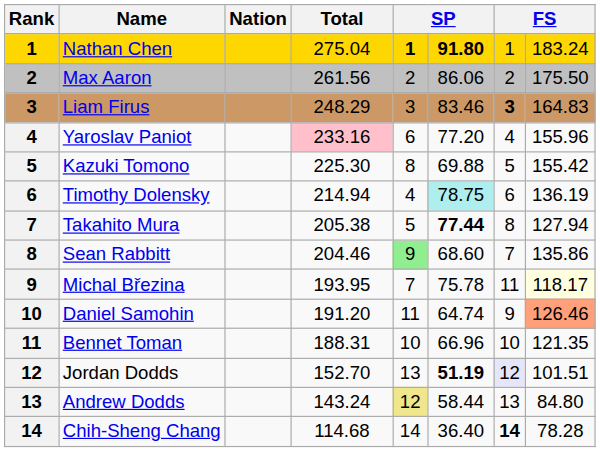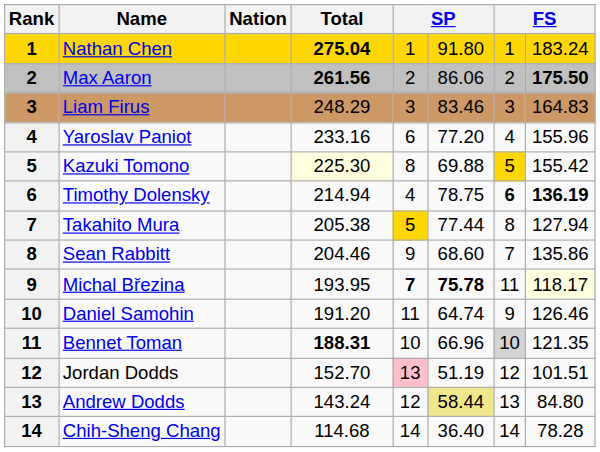 <table class="wikitable sortable">
 <tr>
 <th>Rank</th>
 <th>Name</th>
 <th>Nation</th>
 <th width="80px">Total</th>
 <th colspan="2" width="80px"><a href='#'>SP</a></th>
 <th colspan="2" width="80px"><a href='#'>FS</a></th>
 </tr>
 <tr bgcolor="gold">
 <td align="center"><strong>1</strong></td>
 <td><a href='#'>Nathan Chen</a></td>
 <td></td>
-<td align="center">275.04</td>
-<td align="center"><strong>1</strong></td>
-<td align="center"><strong>91.80</strong></td>
+<td align="center"><strong>275.04</strong></td>
+<td align="center">1</td>
+<td align="center">91.80</td>
 <td align="center">1</td>
 <td align="center">183.24</td>
 </tr>
 <tr bgcolor="silver">
 <td align="center"><strong>2</strong></td>
 <td><a href='#'>Max Aaron</a></td>
 <td></td>
-<td align="center">261.56</td>
+<td align="center"><strong>261.56</strong></td>
 <td align="center">2</td>
 <td align="center">86.06</td>
 <td align="center">2</td>
-<td align="center">175.50</td>
+<td align="center"><strong>175.50</strong></td>
 </tr>
 <tr bgcolor="cc9966">
 <td align="center"><strong>3</strong></td>
 <td><a href='#'>Liam Firus</a></td>
 <td></td>
 <td align="center">248.29</td>
 <td align="center">3</td>
 <td align="center">83.46</td>
-<td align="center"><strong>3</strong></td>
+<td align="center">3</td>
 <td align="center">164.83</td>
 </tr>
 <tr>
 <th>4</th>
 <td><a href='#'>Yaroslav Paniot</a></td>
 <td></td>
-<td align="center" style="background: pink;">233.16</td>
+<td align="center">233.16</td>
 <td align="center">6</td>
 <td align="center">77.20</td>
 <td align="center">4</td>
 <td align="center">155.96</td>
 </tr>
 <tr>
 <th>5</th>
 <td><a href='#'>Kazuki Tomono</a></td>
 <td></td>
-<td align="center">225.30</td>
+<td align="center" style="background: lightyellow;">225.30</td>
 <td align="center">8</td>
 <td align="center">69.88</td>
-<td align="center">5</td>
+<td align="center" style="background: gold;">5</td>
 <td align="center">155.42</td>
 </tr>
 <tr>
 <th>6</th>
 <td><a href='#'>Timothy Dolensky</a></td>
 <td></td>
 <td align="center">214.94</td>
 <td align="center">4</td>
-<td align="center" style="background: paleturquoise;">78.75</td>
-<td align="center">6</td>
-<td align="center">136.19</td>
+<td align="center">78.75</td>
+<td align="center"><strong>6</strong></td>
+<td align="center"><strong>136.19</strong></td>
 </tr>
 <tr>
 <th>7</th>
 <td><a href='#'>Takahito Mura</a></td>
 <td></td>
 <td align="center">205.38</td>
-<td align="center">5</td>
-<td align="center"><strong>77.44</strong></td>
+<td align="center" style="background: gold;">5</td>
+<td align="center">77.44</td>
 <td align="center">8</td>
 <td align="center">127.94</td>
 </tr>
 <tr>
 <th>8</th>
 <td><a href='#'>Sean Rabbitt</a></td>
 <td></td>
 <td align="center">204.46</td>
-<td align="center" style="background: lightgreen;">9</td>
+<td align="center">9</td>
 <td align="center">68.60</td>
 <td align="center">7</td>
 <td align="center">135.86</td>
 </tr>
 <tr>
 <th>9</th>
 <td><a href='#'>Michal Březina</a></td>
 <td></td>
 <td align="center">193.95</td>
-<td align="center">7</td>
-<td align="center">75.78</td>
+<td align="center"><strong>7</strong></td>
+<td align="center"><strong>75.78</strong></td>
 <td align="center">11</td>
 <td align="center" style="background: lightyellow;">118.17</td>
 </tr>
 <tr>
 <th>10</th>
 <td><a href='#'>Daniel Samohin</a></td>
 <td></td>
 <td align="center">191.20</td>
 <td align="center">11</td>
 <td align="center">64.74</td>
 <td align="center">9</td>
-<td align="center" style="background: lightsalmon;">126.46</td>
+<td align="center">126.46</td>
 </tr>
 <tr>
 <th>11</th>
 <td><a href='#'>Bennet Toman</a></td>
 <td></td>
-<td align="center">188.31</td>
+<td align="center"><strong>188.31</strong></td>
 <td align="center">10</td>
 <td align="center">66.96</td>
-<td align="center">10</td>
+<td align="center" style="background: lightgrey;">10</td>
 <td align="center">121.35</td>
 </tr>
 <tr>
 <th>12</th>
 <td>Jordan Dodds</td>
 <td></td>
 <td align="center">152.70</td>
-<td align="center">13</td>
-<td align="center"><strong>51.19</strong></td>
-<td align="center" style="background: lavender;">12</td>
+<td align="center" style="background: pink;">13</td>
+<td align="center">51.19</td>
+<td align="center">12</td>
 <td align="center">101.51</td>
 </tr>
 <tr>
 <th>13</th>
 <td><a href='#'>Andrew Dodds</a></td>
 <td></td>
 <td align="center">143.24</td>
-<td align="center" style="background: khaki;">12</td>
-<td align="center">58.44</td>
+<td align="center">12</td>
+<td align="center" style="background: khaki;">58.44</td>
 <td align="center">13</td>
 <td align="center">84.80</td>
 </tr>
 <tr>
 <th>14</th>
 <td><a href='#'>Chih-Sheng Chang</a></td>
 <td></td>
 <td align="center">114.68</td>
 <td align="center">14</td>
 <td align="center">36.40</td>
-<td align="center"><strong>14</strong></td>
+<td align="center">14</td>
 <td align="center">78.28</td>
 </tr>
 </table>
